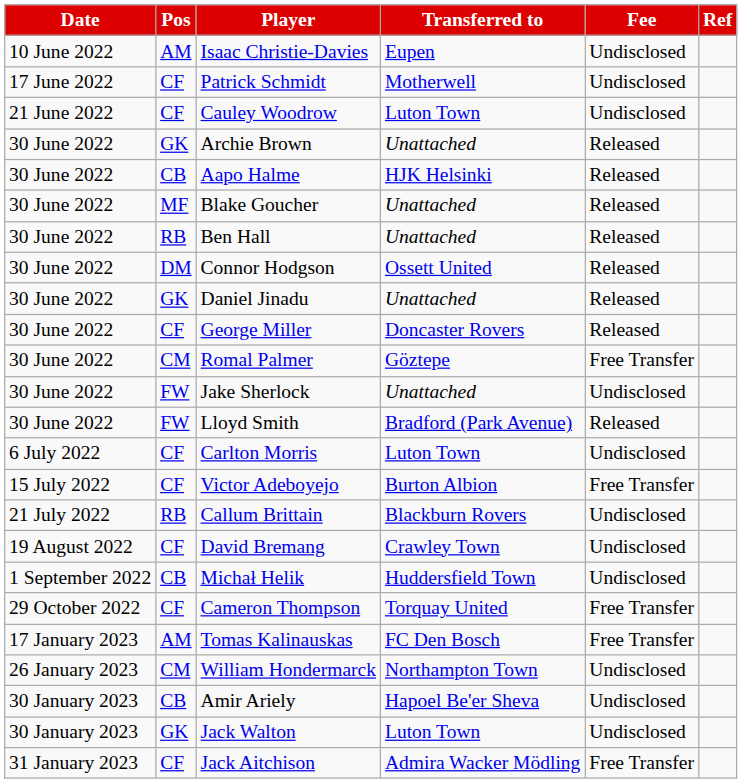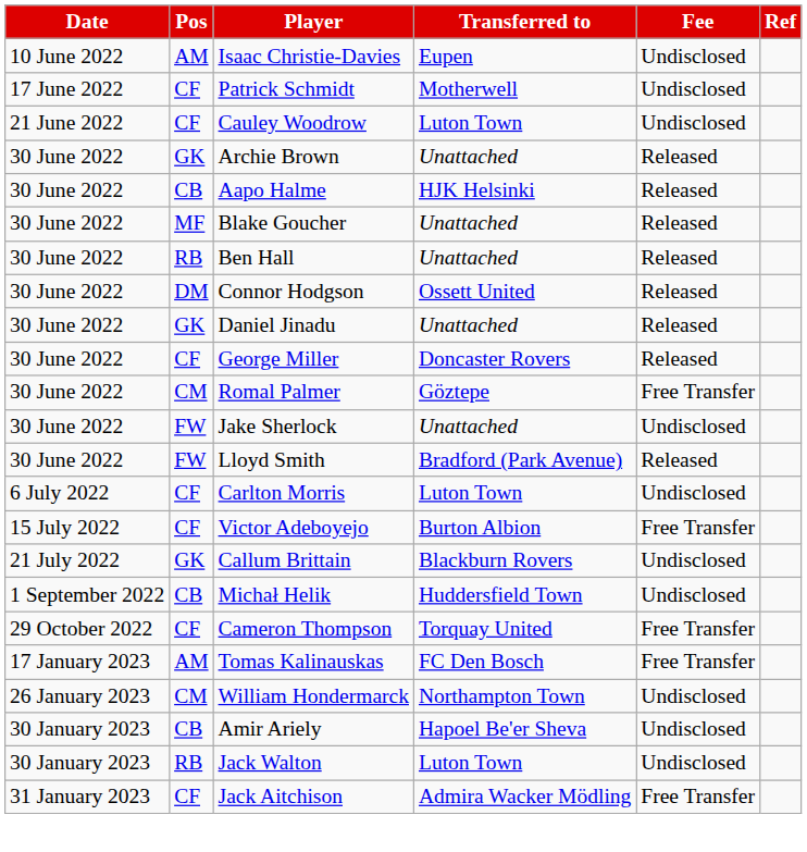 <table class="wikitable plainrowheaders sortable">
 <tr>
 <th style="background:#dd0000; color:#ffffff; ">Date</th>
 <th style="background:#dd0000; color:#ffffff; ">Pos</th>
 <th style="background:#dd0000; color:#ffffff; ">Player</th>
 <th style="background:#dd0000; color:#ffffff; ">Transferred to</th>
 <th style="background:#dd0000; color:#ffffff; ">Fee</th>
 <th style="background:#dd0000; color:#ffffff; ">Ref</th>
 </tr>
 <tr>
 <td>10 June 2022</td>
 <td><a href='#'>AM</a></td>
 <td> <a href='#'>Isaac Christie-Davies</a></td>
 <td> <a href='#'>Eupen</a></td>
 <td>Undisclosed</td>
 <td></td>
 </tr>
 <tr>
 <td>17 June 2022</td>
 <td><a href='#'>CF</a></td>
 <td> <a href='#'>Patrick Schmidt</a></td>
 <td> <a href='#'>Motherwell</a></td>
 <td>Undisclosed</td>
 <td></td>
 </tr>
 <tr>
 <td>21 June 2022</td>
 <td><a href='#'>CF</a></td>
 <td> <a href='#'>Cauley Woodrow</a></td>
 <td> <a href='#'>Luton Town</a></td>
 <td>Undisclosed</td>
 <td></td>
 </tr>
 <tr>
 <td>30 June 2022</td>
 <td><a href='#'>GK</a></td>
 <td> Archie Brown</td>
 <td> <em>Unattached</em></td>
 <td>Released</td>
 <td></td>
 </tr>
 <tr>
 <td>30 June 2022</td>
 <td><a href='#'>CB</a></td>
 <td> <a href='#'>Aapo Halme</a></td>
 <td> <a href='#'>HJK Helsinki</a></td>
 <td>Released</td>
 <td></td>
 </tr>
 <tr>
 <td>30 June 2022</td>
 <td><a href='#'>MF</a></td>
 <td> Blake Goucher</td>
 <td> <em>Unattached</em></td>
 <td>Released</td>
 <td></td>
 </tr>
 <tr>
 <td>30 June 2022</td>
 <td><a href='#'>RB</a></td>
 <td> Ben Hall</td>
 <td> <em>Unattached</em></td>
 <td>Released</td>
 <td></td>
 </tr>
 <tr>
 <td>30 June 2022</td>
 <td><a href='#'>DM</a></td>
 <td> Connor Hodgson</td>
 <td> <a href='#'>Ossett United</a></td>
 <td>Released</td>
 <td></td>
 </tr>
 <tr>
 <td>30 June 2022</td>
 <td><a href='#'>GK</a></td>
 <td> Daniel Jinadu</td>
 <td> <em>Unattached</em></td>
 <td>Released</td>
 <td></td>
 </tr>
 <tr>
 <td>30 June 2022</td>
 <td><a href='#'>CF</a></td>
 <td> <a href='#'>George Miller</a></td>
 <td> <a href='#'>Doncaster Rovers</a></td>
 <td>Released</td>
 <td></td>
 </tr>
 <tr>
 <td>30 June 2022</td>
 <td><a href='#'>CM</a></td>
 <td> <a href='#'>Romal Palmer</a></td>
 <td> <a href='#'>Göztepe</a></td>
 <td>Free Transfer</td>
 <td></td>
 </tr>
 <tr>
 <td>30 June 2022</td>
 <td><a href='#'>FW</a></td>
 <td> Jake Sherlock</td>
 <td> <em>Unattached</em></td>
 <td>Undisclosed</td>
 <td></td>
 </tr>
 <tr>
 <td>30 June 2022</td>
 <td><a href='#'>FW</a></td>
 <td> Lloyd Smith</td>
 <td> <a href='#'>Bradford (Park Avenue)</a></td>
 <td>Released</td>
 <td></td>
 </tr>
 <tr>
 <td>6 July 2022</td>
 <td><a href='#'>CF</a></td>
 <td> <a href='#'>Carlton Morris</a></td>
 <td> <a href='#'>Luton Town</a></td>
 <td>Undisclosed</td>
 <td></td>
 </tr>
 <tr>
 <td>15 July 2022</td>
 <td><a href='#'>CF</a></td>
 <td> <a href='#'>Victor Adeboyejo</a></td>
 <td> <a href='#'>Burton Albion</a></td>
 <td>Free Transfer</td>
 <td></td>
 </tr>
 <tr>
 <td>21 July 2022</td>
-<td><a href='#'>RB</a></td>
+<td><a href='#'>GK</a></td>
 <td> <a href='#'>Callum Brittain</a></td>
 <td> <a href='#'>Blackburn Rovers</a></td>
-<td>Undisclosed</td>
-<td></td>
-</tr>
-<tr>
-<td>19 August 2022</td>
-<td><a href='#'>CF</a></td>
-<td> <a href='#'>David Bremang</a></td>
-<td> <a href='#'>Crawley Town</a></td>
 <td>Undisclosed</td>
 <td></td>
 </tr>
 <tr>
 <td>1 September 2022</td>
 <td><a href='#'>CB</a></td>
 <td> <a href='#'>Michał Helik</a></td>
 <td> <a href='#'>Huddersfield Town</a></td>
 <td>Undisclosed</td>
 <td></td>
 </tr>
 <tr>
 <td>29 October 2022</td>
 <td><a href='#'>CF</a></td>
 <td> <a href='#'>Cameron Thompson</a></td>
 <td> <a href='#'>Torquay United</a></td>
 <td>Free Transfer</td>
 <td></td>
 </tr>
 <tr>
 <td>17 January 2023</td>
 <td><a href='#'>AM</a></td>
 <td> <a href='#'>Tomas Kalinauskas</a></td>
 <td> <a href='#'>FC Den Bosch</a></td>
 <td>Free Transfer</td>
 <td></td>
 </tr>
 <tr>
 <td>26 January 2023</td>
 <td><a href='#'>CM</a></td>
 <td> <a href='#'>William Hondermarck</a></td>
 <td> <a href='#'>Northampton Town</a></td>
 <td>Undisclosed</td>
 <td></td>
 </tr>
 <tr>
 <td>30 January 2023</td>
 <td><a href='#'>CB</a></td>
 <td> Amir Ariely</td>
 <td> <a href='#'>Hapoel Be'er Sheva</a></td>
 <td>Undisclosed</td>
 <td></td>
 </tr>
 <tr>
 <td>30 January 2023</td>
-<td><a href='#'>GK</a></td>
+<td><a href='#'>RB</a></td>
 <td> <a href='#'>Jack Walton</a></td>
 <td> <a href='#'>Luton Town</a></td>
 <td>Undisclosed</td>
 <td></td>
 </tr>
 <tr>
 <td>31 January 2023</td>
 <td><a href='#'>CF</a></td>
 <td> <a href='#'>Jack Aitchison</a></td>
 <td> <a href='#'>Admira Wacker Mödling</a></td>
 <td>Free Transfer</td>
 <td></td>
 </tr>
 </table>
